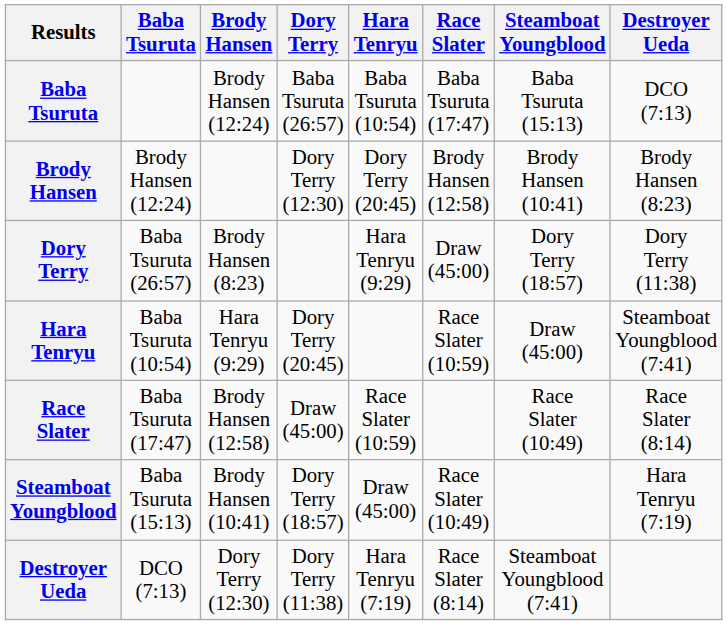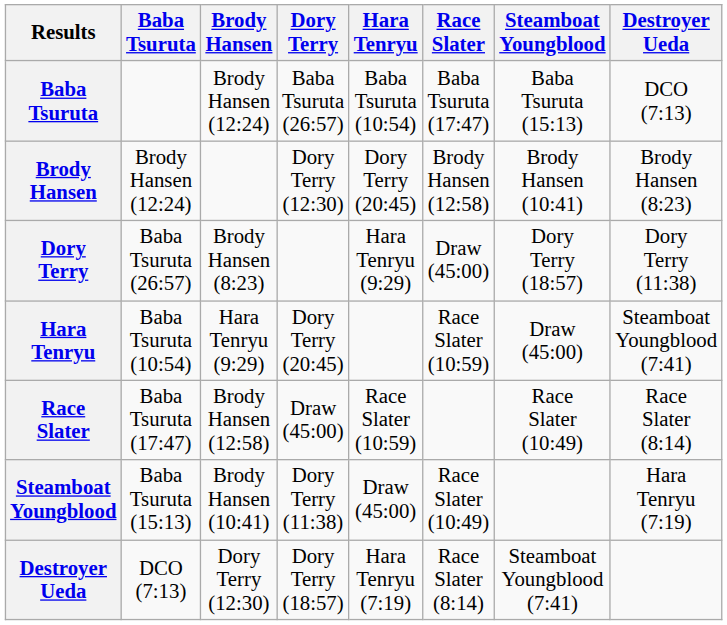 <table class="wikitable" style="text-align:center; margin: 1em auto 1em auto">
 <tr>
 <th>Results</th>
 <th><a href='#'>Baba</a><br><a href='#'>Tsuruta</a></th>
 <th><a href='#'>Brody</a><br><a href='#'>Hansen</a></th>
 <th><a href='#'>Dory</a><br><a href='#'>Terry</a></th>
 <th><a href='#'>Hara</a><br><a href='#'>Tenryu</a></th>
 <th><a href='#'>Race</a><br><a href='#'>Slater</a></th>
 <th><a href='#'>Steamboat</a><br><a href='#'>Youngblood</a></th>
 <th><a href='#'>Destroyer</a><br><a href='#'>Ueda</a></th>
 </tr>
 <tr>
 <th><a href='#'>Baba</a><br><a href='#'>Tsuruta</a></th>
 <td></td>
 <td>Brody<br>Hansen<br>(12:24)</td>
 <td>Baba<br>Tsuruta<br>(26:57)</td>
 <td>Baba<br>Tsuruta<br>(10:54)</td>
 <td>Baba<br>Tsuruta<br>(17:47)</td>
 <td>Baba<br>Tsuruta<br>(15:13)</td>
 <td>DCO<br>(7:13)</td>
 </tr>
 <tr>
 <th><a href='#'>Brody</a><br><a href='#'>Hansen</a></th>
 <td>Brody<br>Hansen<br>(12:24)</td>
 <td></td>
 <td>Dory<br>Terry<br>(12:30)</td>
 <td>Dory<br>Terry<br>(20:45)</td>
 <td>Brody<br>Hansen<br>(12:58)</td>
 <td>Brody<br>Hansen<br>(10:41)</td>
 <td>Brody<br>Hansen<br>(8:23)</td>
 </tr>
 <tr>
 <th><a href='#'>Dory</a><br><a href='#'>Terry</a></th>
 <td>Baba<br>Tsuruta<br>(26:57)</td>
 <td>Brody<br>Hansen<br>(8:23)</td>
 <td></td>
 <td>Hara<br>Tenryu<br>(9:29)</td>
 <td>Draw<br>(45:00)</td>
 <td>Dory<br>Terry<br>(18:57)</td>
 <td>Dory<br>Terry<br>(11:38)</td>
 </tr>
 <tr>
 <th><a href='#'>Hara</a><br><a href='#'>Tenryu</a></th>
 <td>Baba<br>Tsuruta<br>(10:54)</td>
 <td>Hara<br>Tenryu<br>(9:29)</td>
 <td>Dory<br>Terry<br>(20:45)</td>
 <td></td>
 <td>Race<br>Slater<br>(10:59)</td>
 <td>Draw<br>(45:00)</td>
 <td>Steamboat<br>Youngblood<br>(7:41)</td>
 </tr>
 <tr>
 <th><a href='#'>Race</a><br><a href='#'>Slater</a></th>
 <td>Baba<br>Tsuruta<br>(17:47)</td>
 <td>Brody<br>Hansen<br>(12:58)</td>
 <td>Draw<br>(45:00)</td>
 <td>Race<br>Slater<br>(10:59)</td>
 <td></td>
 <td>Race<br>Slater<br>(10:49)</td>
 <td>Race<br>Slater<br>(8:14)</td>
 </tr>
 <tr>
 <th><a href='#'>Steamboat</a><br><a href='#'>Youngblood</a></th>
 <td>Baba<br>Tsuruta<br>(15:13)</td>
 <td>Brody<br>Hansen<br>(10:41)</td>
-<td>Dory<br>Terry<br>(18:57)</td>
+<td>Dory<br>Terry<br>(11:38)</td>
 <td>Draw<br>(45:00)</td>
 <td>Race<br>Slater<br>(10:49)</td>
 <td></td>
 <td>Hara<br>Tenryu<br>(7:19)</td>
 </tr>
 <tr>
 <th><a href='#'>Destroyer</a><br><a href='#'>Ueda</a></th>
 <td>DCO<br>(7:13)</td>
 <td>Dory<br>Terry<br>(12:30)</td>
-<td>Dory<br>Terry<br>(11:38)</td>
+<td>Dory<br>Terry<br>(18:57)</td>
 <td>Hara<br>Tenryu<br>(7:19)</td>
 <td>Race<br>Slater<br>(8:14)</td>
 <td>Steamboat<br>Youngblood<br>(7:41)</td>
 <td></td>
 </tr>
 </table>
